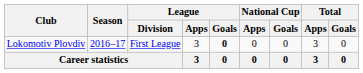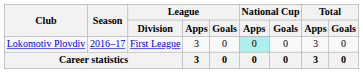 <table class="wikitable" style="text-align: center">
 <tr>
 <th rowspan="2">Club</th>
 <th rowspan="2">Season</th>
 <th colspan="3">League</th>
 <th colspan="2">National Cup</th>
 <th colspan="2">Total</th>
 </tr>
 <tr>
 <th>Division</th>
 <th>Apps</th>
 <th>Goals</th>
 <th>Apps</th>
 <th>Goals</th>
 <th>Apps</th>
 <th>Goals</th>
 </tr>
 <tr>
 <td valign="center"><a href='#'>Lokomotiv Plovdiv</a></td>
 <td><a href='#'>2016–17</a></td>
 <td rowspan="1"><a href='#'>First League</a></td>
 <td>3</td>
-<td><strong>0</strong></td>
 <td>0</td>
+<td style="background: paleturquoise;">0</td>
 <td>0</td>
 <td>3</td>
 <td>0</td>
 </tr>
 <tr>
 <th colspan="3">Career statistics</th>
 <th>3</th>
 <th>0</th>
 <th>0</th>
 <th>0</th>
 <th>3</th>
 <th>0</th>
 </tr>
 </table>
